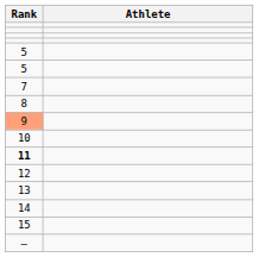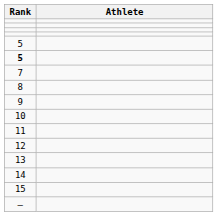 <table class="wikitable" style="text-align: center;">
 <tr>
 <th width=40>Rank</th>
 <th width=250>Athlete</th>
 </tr>
 <tr>
 <td></td>
 <td align="left"></td>
 </tr>
 <tr>
 <td></td>
 <td align="left"></td>
 </tr>
 <tr>
 <td></td>
 <td align="left"></td>
 </tr>
 <tr>
 <td></td>
 <td align="left"></td>
 </tr>
 <tr>
 <td>5</td>
 <td align="left"></td>
 </tr>
 <tr>
-<td>5</td>
+<td><strong>5</strong></td>
 <td align="left"></td>
 </tr>
 <tr>
 <td>7</td>
 <td align="left"></td>
 </tr>
 <tr>
 <td>8</td>
 <td align="left"></td>
 </tr>
 <tr>
-<td style="background: lightsalmon;">9</td>
+<td>9</td>
 <td align="left"></td>
 </tr>
 <tr>
 <td>10</td>
 <td align="left"></td>
 </tr>
 <tr>
-<td><strong>11</strong></td>
+<td>11</td>
 <td align="left"></td>
 </tr>
 <tr>
 <td>12</td>
 <td align="left"></td>
 </tr>
 <tr>
 <td>13</td>
 <td align="left"></td>
 </tr>
 <tr>
 <td>14</td>
 <td align="left"></td>
 </tr>
 <tr>
 <td>15</td>
 <td align="left"></td>
 </tr>
 <tr>
 <td>—</td>
 <td align="left"></td>
 </tr>
 </table>
